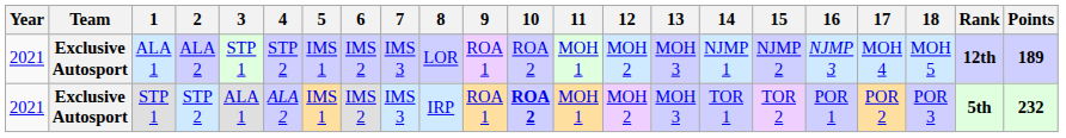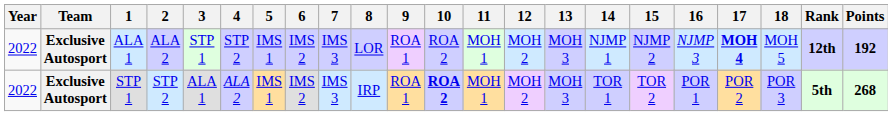 <table class="wikitable" style="text-align:center; font-size:90%">
 <tr>
 <th>Year</th>
 <th>Team</th>
 <th>1</th>
 <th>2</th>
 <th>3</th>
 <th>4</th>
 <th>5</th>
 <th>6</th>
 <th>7</th>
 <th>8</th>
 <th>9</th>
 <th>10</th>
 <th>11</th>
 <th>12</th>
 <th>13</th>
 <th>14</th>
 <th>15</th>
 <th>16</th>
 <th>17</th>
 <th>18</th>
 <th>Rank</th>
 <th>Points</th>
 </tr>
 <tr>
-<td><a href='#'>2021</a></td>
+<td><a href='#'>2022</a></td>
 <th>Exclusive Autosport</th>
 <td style="background:#CFEAFF;"><a href='#'>ALA<br>1</a><br></td>
 <td style="background:#CFCFFF;"><a href='#'>ALA<br>2</a><br></td>
 <td style="background:#DFFFDF;"><a href='#'>STP<br>1</a><br></td>
 <td style="background:#CFCFFF;"><a href='#'>STP<br>2</a><br></td>
 <td style="background:#CFCFFF;"><a href='#'>IMS<br>1</a><br></td>
 <td style="background:#CFCFFF;"><a href='#'>IMS<br>2</a><br></td>
 <td style="background:#CFCFFF;"><a href='#'>IMS<br>3</a><br></td>
 <td style="background:#CFCFFF;"><a href='#'>LOR</a><br></td>
 <td style="background:#EFCFFF;"><a href='#'>ROA<br>1</a><br></td>
 <td style="background:#CFCFFF;"><a href='#'>ROA<br>2</a><br></td>
 <td style="background:#DFFFDF;"><a href='#'>MOH<br>1</a><br></td>
 <td style="background:#CFEAFF;"><a href='#'>MOH<br>2</a><br></td>
 <td style="background:#CFCFFF;"><a href='#'>MOH<br>3</a><br></td>
 <td style="background:#CFEAFF;"><a href='#'>NJMP<br>1</a><br></td>
 <td style="background:#CFCFFF;"><a href='#'>NJMP<br>2</a><br></td>
 <td style="background:#CFEAFF;"><em><a href='#'>NJMP<br>3</a></em><br></td>
-<td style="background:#CFEAFF;"><a href='#'>MOH<br>4</a><br></td>
+<td style="background:#CFEAFF;"><strong><a href='#'>MOH<br>4</a><br></strong></td>
 <td style="background:#CFEAFF;"><a href='#'>MOH<br>5</a><br></td>
 <th style="background:#CFCFFF;">12th</th>
-<th style="background:#CFCFFF;">189</th>
+<th style="background:#CFCFFF;">192</th>
 </tr>
 <tr>
-<td><a href='#'>2021</a></td>
+<td><a href='#'>2022</a></td>
 <th>Exclusive Autosport</th>
 <td style="background:#DFDFDF;"><a href='#'>STP<br>1</a><br></td>
 <td style="background:#CFEAFF;"><a href='#'>STP<br>2</a><br></td>
 <td style="background:#DFDFDF;"><a href='#'>ALA<br>1</a><br></td>
 <td style="background:#CFCFFF;"><em><a href='#'>ALA<br>2</a></em><br></td>
 <td style="background:#FFDF9F;"><a href='#'>IMS<br>1</a><br></td>
 <td style="background:#DFDFDF;"><a href='#'>IMS<br>2</a><br></td>
 <td style="background:#CFEAFF;"><a href='#'>IMS<br>3</a><br></td>
 <td style="background:#CFEAFF;"><a href='#'>IRP</a><br></td>
 <td style="background:#FFDF9F;"><a href='#'>ROA<br>1</a><br></td>
 <td style="background:#CFCFFF;"><strong><a href='#'>ROA<br>2</a><br></strong></td>
 <td style="background:#FFDF9F;"><a href='#'>MOH<br>1</a><br></td>
 <td style="background:#EFCFFF;"><a href='#'>MOH<br>2</a><br></td>
 <td style="background:#CFCFFF;"><a href='#'>MOH<br>3</a><br></td>
 <td style="background:#CFCFFF;"><a href='#'>TOR<br>1</a><br></td>
 <td style="background:#EFCFFF;"><a href='#'>TOR<br>2</a><br></td>
 <td style="background:#CFCFFF;"><a href='#'>POR<br>1</a><br></td>
 <td style="background:#FFDF9F;"><a href='#'>POR<br>2</a><br></td>
 <td style="background:#CFCFFF;"><a href='#'>POR<br>3</a><br></td>
 <th style="background:#DFFFDF;">5th</th>
-<th style="background:#DFFFDF;">232</th>
+<th style="background:#DFFFDF;">268</th>
 </tr>
 </table>
